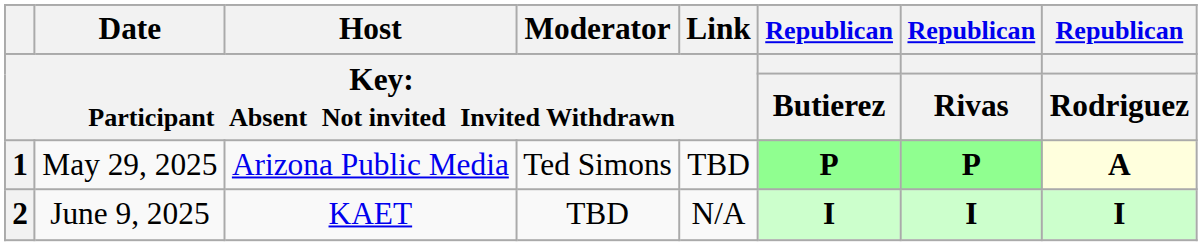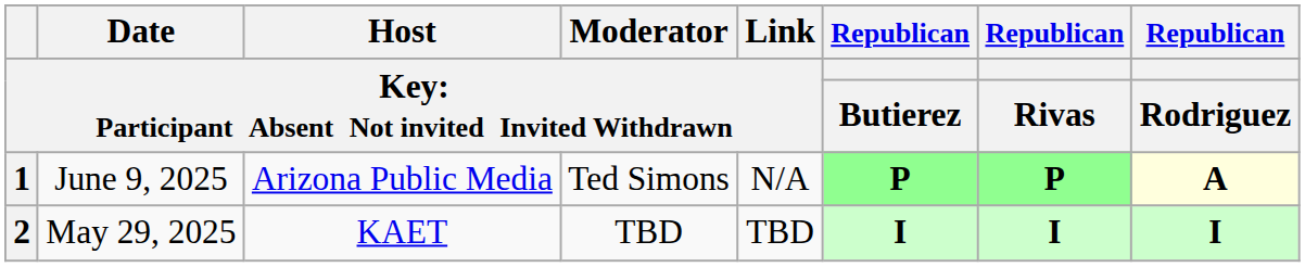 <table class="wikitable" style="text-align:center;">
 <tr>
 <th scope="col"></th>
 <th scope="col">Date</th>
 <th scope="col">Host</th>
 <th scope="col">Moderator</th>
 <th scope="col">Link</th>
 <th scope="col"><small><a href='#'>Republican</a></small></th>
 <th scope="col"><small><a href='#'>Republican</a></small></th>
 <th scope="col"><small><a href='#'>Republican</a></small></th>
 </tr>
 <tr>
 <th colspan="5" rowspan="2">Key:<br> <small>Participant </small>  <small>Absent </small>  <small>Not invited </small>  <small>Invited  Withdrawn</small></th>
 <th scope="col" style="background:"></th>
 <th scope="col" style="background:"></th>
 <th scope="col" style="background:"></th>
 </tr>
 <tr>
 <th scope="col">Butierez</th>
 <th scope="col">Rivas</th>
 <th scope="col">Rodriguez</th>
 </tr>
 <tr>
 <th>1</th>
-<td style="white-space:nowrap;">May 29, 2025</td>
+<td style="white-space:nowrap;">June 9, 2025</td>
 <td style="white-space:nowrap;"><a href='#'>Arizona Public Media</a></td>
 <td style="white-space:nowrap;">Ted Simons</td>
-<td style="white-space:nowrap;">TBD</td>
+<td style="white-space:nowrap;">N/A</td>
 <td style="background:#90ff90"><strong>P</strong></td>
 <td style="background:#90ff90"><strong>P</strong></td>
 <td style="background:#FFFFDD"><strong>A</strong></td>
 </tr>
 <tr>
 <th>2</th>
-<td style="white-space:nowrap;">June 9, 2025</td>
+<td style="white-space:nowrap;">May 29, 2025</td>
 <td style="white-space:nowrap;"><a href='#'>KAET</a></td>
 <td style="white-space:nowrap;">TBD</td>
-<td style="white-space:nowrap;">N/A</td>
+<td style="white-space:nowrap;">TBD</td>
 <td style="background:#CCFFCC"><strong>I</strong></td>
 <td style="background:#CCFFCC"><strong>I</strong></td>
 <td style="background:#CCFFCC"><strong>I</strong></td>
 </tr>
 </table>
